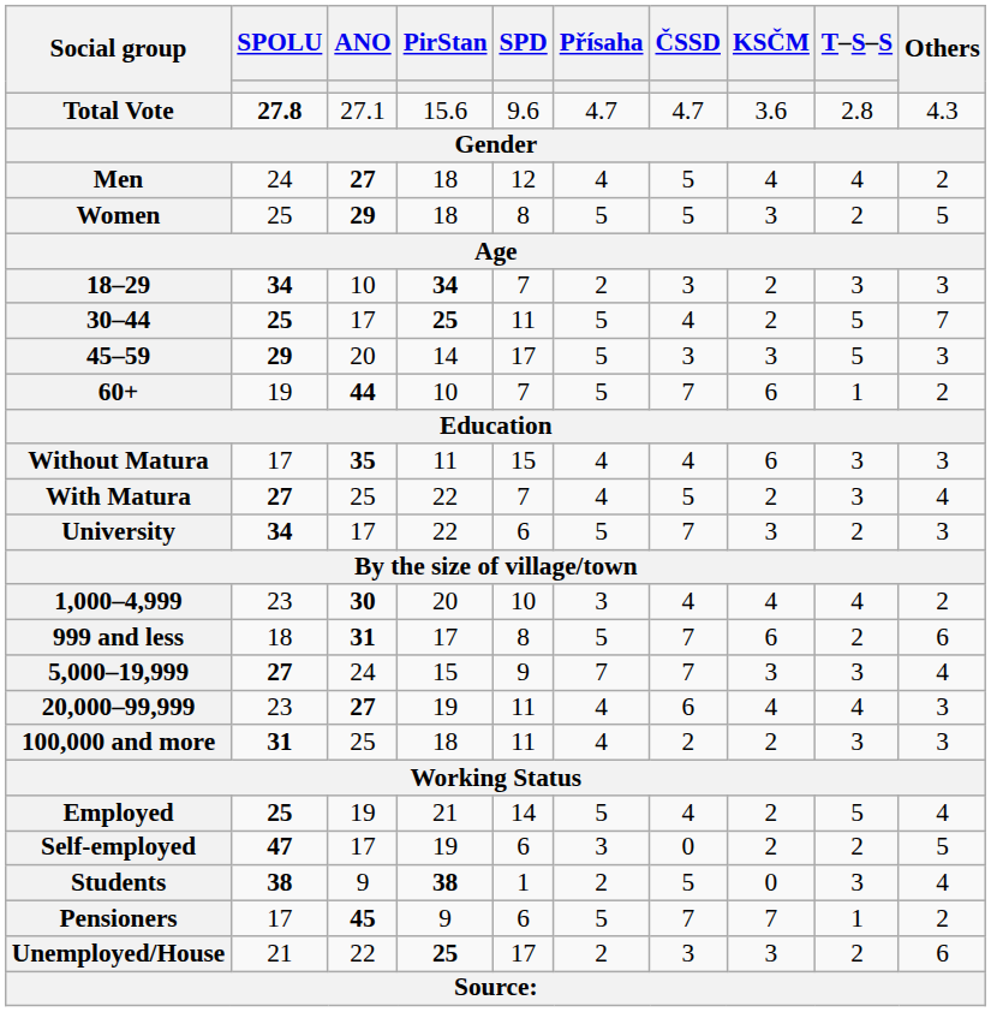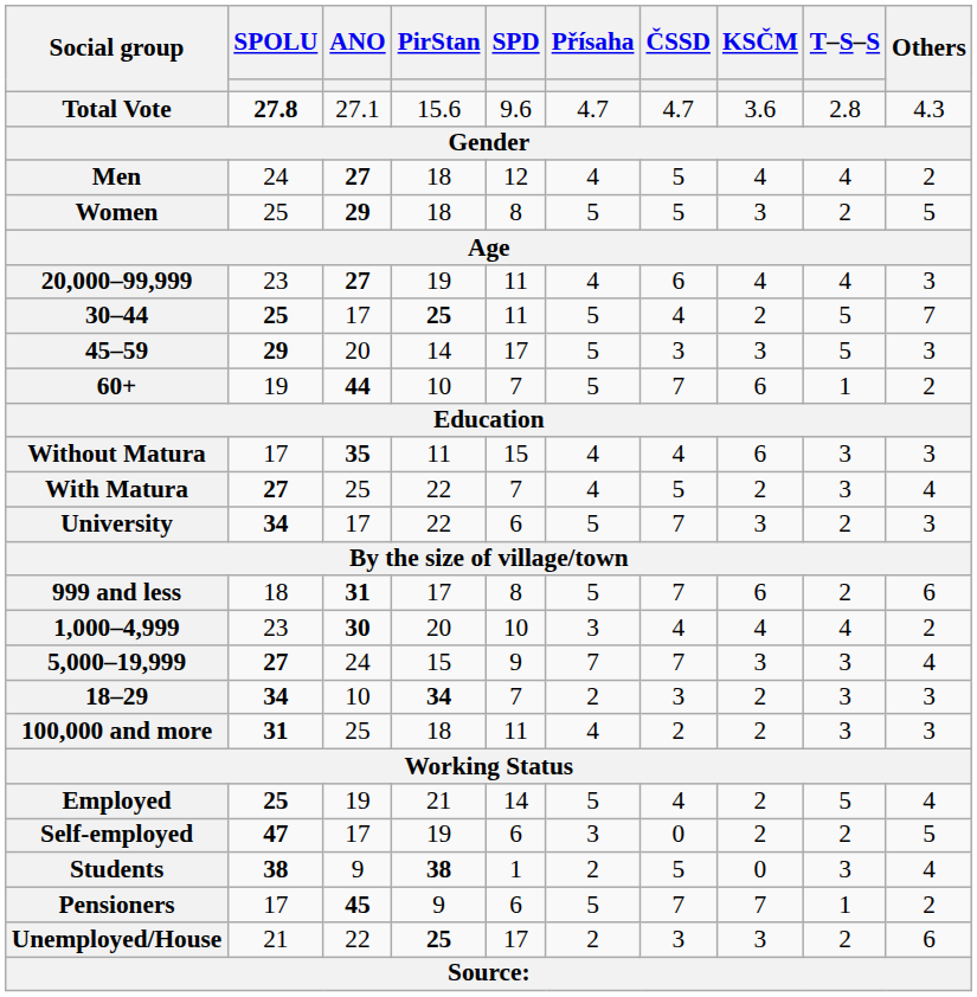 <table class="wikitable sortable" style="text-align:center; font-size:90%; line-height:13px;">
 <tr style="height:42px;">
 <th style="width:120px;" rowspan="2">Social group</th>
 <th><a href='#'><span>SPOLU</span></a></th>
 <th><a href='#'><span>ANO</span></a></th>
 <th><a href='#'><span>PirStan</span></a></th>
 <th><a href='#'><span>SPD</span></a></th>
 <th><a href='#'><span>Přísaha</span></a></th>
 <th><a href='#'><span>ČSSD</span></a></th>
 <th><a href='#'><span>KSČM</span></a></th>
 <th><a href='#'>T</a>–<a href='#'>S</a>–<a href='#'>S</a></th>
 <th style="width:20px;" rowspan="2">Others</th>
 </tr>
 <tr class="sorttop">
 <th class="unsortable" style="color:inherit;background:"></th>
 <th class="unsortable" style="color:inherit;background:"></th>
 <th class="unsortable" style="color:inherit;background:"></th>
 <th class="unsortable" style="color:inherit;background:"></th>
 <th class="unsortable" style="color:inherit;background:"></th>
 <th class="unsortable" style="color:inherit;background:"></th>
 <th class="unsortable" style="color:inherit;background:"></th>
 <th class="unsortable" style="color:inherit;background:"></th>
 </tr>
 <tr>
 <th>Total Vote</th>
 <td><strong>27.8</strong></td>
 <td>27.1</td>
 <td>15.6</td>
 <td>9.6</td>
 <td>4.7</td>
 <td>4.7</td>
 <td>3.6</td>
 <td>2.8</td>
 <td>4.3</td>
 </tr>
 <tr>
 <th colspan=10>Gender</th>
 </tr>
 <tr>
 <th>Men</th>
 <td>24</td>
 <td><strong>27</strong></td>
 <td>18</td>
 <td>12</td>
 <td>4</td>
 <td>5</td>
 <td>4</td>
 <td>4</td>
 <td>2</td>
 </tr>
 <tr>
 <th>Women</th>
 <td>25</td>
 <td><strong>29</strong></td>
 <td>18</td>
 <td>8</td>
 <td>5</td>
 <td>5</td>
 <td>3</td>
 <td>2</td>
 <td>5</td>
 </tr>
 <tr>
 <th colspan=10>Age</th>
 </tr>
 <tr>
-<th>18–29</th>
-<td><strong>34</strong></td>
-<td>10</td>
-<td><strong>34</strong></td>
-<td>7</td>
-<td>2</td>
-<td>3</td>
-<td>2</td>
-<td>3</td>
+<th>20,000–99,999</th>
+<td>23</td>
+<td><strong>27</strong></td>
+<td>19</td>
+<td>11</td>
+<td>4</td>
+<td>6</td>
+<td>4</td>
+<td>4</td>
 <td>3</td>
 </tr>
 <tr>
 <th>30–44</th>
 <td><strong>25</strong></td>
 <td>17</td>
 <td><strong>25</strong></td>
 <td>11</td>
 <td>5</td>
 <td>4</td>
 <td>2</td>
 <td>5</td>
 <td>7</td>
 </tr>
 <tr>
 <th>45–59</th>
 <td><strong>29</strong></td>
 <td>20</td>
 <td>14</td>
 <td>17</td>
 <td>5</td>
 <td>3</td>
 <td>3</td>
 <td>5</td>
 <td>3</td>
 </tr>
 <tr>
 <th>60+</th>
 <td>19</td>
 <td><strong>44</strong></td>
 <td>10</td>
 <td>7</td>
 <td>5</td>
 <td>7</td>
 <td>6</td>
 <td>1</td>
 <td>2</td>
 </tr>
 <tr>
 <th colspan=10>Education</th>
 </tr>
 <tr>
 <th>Without Matura</th>
 <td>17</td>
 <td><strong>35</strong></td>
 <td>11</td>
 <td>15</td>
 <td>4</td>
 <td>4</td>
 <td>6</td>
 <td>3</td>
 <td>3</td>
 </tr>
 <tr>
 <th>With Matura</th>
 <td><strong>27</strong></td>
 <td>25</td>
 <td>22</td>
 <td>7</td>
 <td>4</td>
 <td>5</td>
 <td>2</td>
 <td>3</td>
 <td>4</td>
 </tr>
 <tr>
 <th>University</th>
 <td><strong>34</strong></td>
 <td>17</td>
 <td>22</td>
 <td>6</td>
 <td>5</td>
 <td>7</td>
 <td>3</td>
 <td>2</td>
 <td>3</td>
 </tr>
 <tr>
 <th colspan=10>By the size of village/town</th>
 </tr>
 <tr>
+<th>999 and less</th>
+<td>18</td>
+<td><strong>31</strong></td>
+<td>17</td>
+<td>8</td>
+<td>5</td>
+<td>7</td>
+<td>6</td>
+<td>2</td>
+<td>6</td>
+</tr>
+<tr>
 <th>1,000–4,999</th>
 <td>23</td>
 <td><strong>30</strong></td>
 <td>20</td>
 <td>10</td>
 <td>3</td>
 <td>4</td>
 <td>4</td>
 <td>4</td>
 <td>2</td>
-</tr>
-<tr>
-<th>999 and less</th>
-<td>18</td>
-<td><strong>31</strong></td>
-<td>17</td>
-<td>8</td>
-<td>5</td>
-<td>7</td>
-<td>6</td>
-<td>2</td>
-<td>6</td>
 </tr>
 <tr>
 <th>5,000–19,999</th>
 <td><strong>27</strong></td>
 <td>24</td>
 <td>15</td>
 <td>9</td>
 <td>7</td>
 <td>7</td>
 <td>3</td>
 <td>3</td>
 <td>4</td>
 </tr>
 <tr>
-<th>20,000–99,999</th>
-<td>23</td>
-<td><strong>27</strong></td>
-<td>19</td>
-<td>11</td>
-<td>4</td>
-<td>6</td>
-<td>4</td>
-<td>4</td>
+<th>18–29</th>
+<td><strong>34</strong></td>
+<td>10</td>
+<td><strong>34</strong></td>
+<td>7</td>
+<td>2</td>
+<td>3</td>
+<td>2</td>
+<td>3</td>
 <td>3</td>
 </tr>
 <tr>
 <th>100,000 and more</th>
 <td><strong>31</strong></td>
 <td>25</td>
 <td>18</td>
 <td>11</td>
 <td>4</td>
 <td>2</td>
 <td>2</td>
 <td>3</td>
 <td>3</td>
 </tr>
 <tr>
 <th colspan=10>Working Status</th>
 </tr>
 <tr>
 <th>Employed</th>
 <td><strong>25</strong></td>
 <td>19</td>
 <td>21</td>
 <td>14</td>
 <td>5</td>
 <td>4</td>
 <td>2</td>
 <td>5</td>
 <td>4</td>
 </tr>
 <tr>
 <th>Self-employed</th>
 <td><strong>47</strong></td>
 <td>17</td>
 <td>19</td>
 <td>6</td>
 <td>3</td>
 <td>0</td>
 <td>2</td>
 <td>2</td>
 <td>5</td>
 </tr>
 <tr>
 <th>Students</th>
 <td><strong>38</strong></td>
 <td>9</td>
 <td><strong>38</strong></td>
 <td>1</td>
 <td>2</td>
 <td>5</td>
 <td>0</td>
 <td>3</td>
 <td>4</td>
 </tr>
 <tr>
 <th>Pensioners</th>
 <td>17</td>
 <td><strong>45</strong></td>
 <td>9</td>
 <td>6</td>
 <td>5</td>
 <td>7</td>
 <td>7</td>
 <td>1</td>
 <td>2</td>
 </tr>
 <tr>
 <th>Unemployed/House</th>
 <td>21</td>
 <td>22</td>
 <td><strong>25</strong></td>
 <td>17</td>
 <td>2</td>
 <td>3</td>
 <td>3</td>
 <td>2</td>
 <td>6</td>
 </tr>
 <tr>
 <th colspan=10>Source:</th>
 </tr>
 </table>
